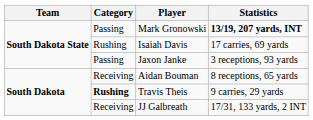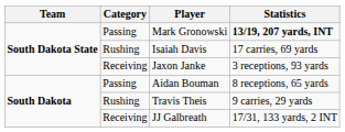 <table class="wikitable" style="float: left;">
 <tr>
 <th>Team</th>
 <th>Category</th>
 <th>Player</th>
 <th>Statistics</th>
 </tr>
 <tr>
 <td rowspan=3><strong>South Dakota State</strong></td>
 <td>Passing</td>
 <td>Mark Gronowski</td>
 <td><strong>13/19, 207 yards, INT</strong></td>
 </tr>
 <tr>
 <td>Rushing</td>
 <td>Isaiah Davis</td>
 <td>17 carries, 69 yards</td>
 </tr>
 <tr>
-<td>Passing</td>
+<td>Receiving</td>
 <td>Jaxon Janke</td>
 <td>3 receptions, 93 yards</td>
 </tr>
 <tr>
 <td rowspan=3><strong>South Dakota</strong></td>
-<td>Receiving</td>
+<td>Passing</td>
 <td>Aidan Bouman</td>
 <td>8 receptions, 65 yards</td>
 </tr>
 <tr>
-<td><strong>Rushing</strong></td>
+<td>Rushing</td>
 <td>Travis Theis</td>
 <td>9 carries, 29 yards</td>
 </tr>
 <tr>
 <td>Receiving</td>
 <td>JJ Galbreath</td>
 <td>17/31, 133 yards, 2 INT</td>
 </tr>
 </table>
